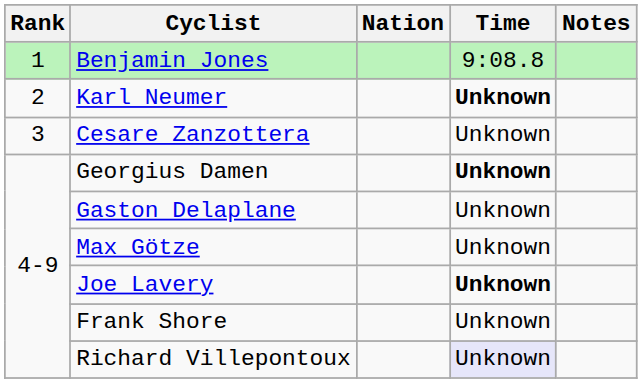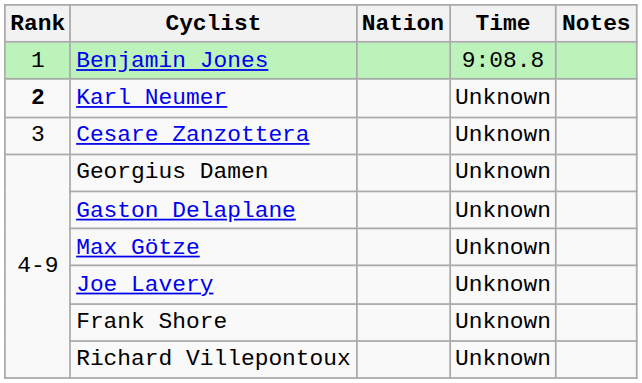 <table class="wikitable sortable">
 <tr>
 <th>Rank</th>
 <th>Cyclist</th>
 <th>Nation</th>
 <th>Time</th>
 <th>Notes</th>
 </tr>
 <tr bgcolor=bbf3bb>
 <td align=center>1</td>
 <td><a href='#'>Benjamin Jones</a></td>
 <td></td>
 <td align=center>9:08.8</td>
 <td align=center></td>
 </tr>
 <tr>
-<td align=center>2</td>
+<td align=center><strong>2</strong></td>
 <td><a href='#'>Karl Neumer</a></td>
 <td></td>
-<td align=center><strong>Unknown</strong></td>
+<td align=center>Unknown</td>
 <td></td>
 </tr>
 <tr>
 <td align=center>3</td>
 <td><a href='#'>Cesare Zanzottera</a></td>
 <td></td>
 <td align=center>Unknown</td>
 <td></td>
 </tr>
 <tr>
 <td align=center rowspan=6>4-9</td>
 <td>Georgius Damen</td>
 <td></td>
-<td align=center><strong>Unknown</strong></td>
+<td align=center>Unknown</td>
 <td></td>
 </tr>
 <tr>
 <td><a href='#'>Gaston Delaplane</a></td>
 <td></td>
 <td align=center>Unknown</td>
 <td></td>
 </tr>
 <tr>
 <td><a href='#'>Max Götze</a></td>
 <td></td>
 <td align=center>Unknown</td>
 <td></td>
 </tr>
 <tr>
 <td><a href='#'>Joe Lavery</a></td>
 <td></td>
-<td align=center><strong>Unknown</strong></td>
+<td align=center>Unknown</td>
 <td></td>
 </tr>
 <tr>
 <td>Frank Shore</td>
 <td></td>
 <td align=center>Unknown</td>
 <td></td>
 </tr>
 <tr>
 <td>Richard Villepontoux</td>
 <td></td>
-<td align=center style="background: lavender;">Unknown</td>
+<td align=center>Unknown</td>
 <td></td>
 </tr>
 </table>
